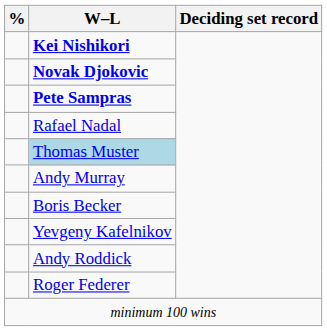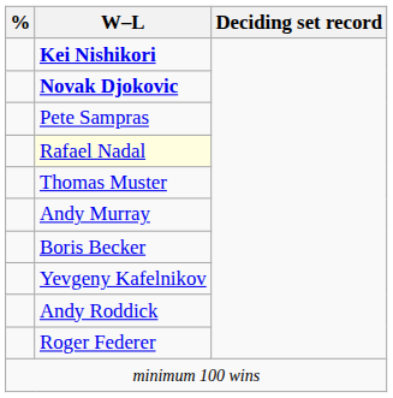 <table class="wikitable nowrap" style="display: inline-table;">
 <tr>
 <th>%</th>
 <th>W–L</th>
 <th>Deciding set record</th>
 </tr>
 <tr>
 <td></td>
 <td> <strong><a href='#'>Kei Nishikori</a></strong></td>
 </tr>
 <tr>
 <td></td>
 <td> <strong><a href='#'>Novak Djokovic</a></strong></td>
 </tr>
 <tr>
 <td></td>
-<td><strong> <a href='#'>Pete Sampras</a></strong></td>
+<td> <a href='#'>Pete Sampras</a></td>
 </tr>
 <tr>
 <td></td>
-<td> <a href='#'>Rafael Nadal</a></td>
+<td style="background: lightyellow;"> <a href='#'>Rafael Nadal</a></td>
 </tr>
 <tr>
 <td></td>
-<td style="background: lightblue;"> <a href='#'>Thomas Muster</a></td>
+<td> <a href='#'>Thomas Muster</a></td>
 </tr>
 <tr>
 <td></td>
 <td> <a href='#'>Andy Murray</a></td>
 </tr>
 <tr>
 <td></td>
 <td> <a href='#'>Boris Becker</a></td>
 </tr>
 <tr>
 <td></td>
 <td> <a href='#'>Yevgeny Kafelnikov</a></td>
 </tr>
 <tr>
 <td></td>
 <td> <a href='#'>Andy Roddick</a></td>
 </tr>
 <tr>
 <td></td>
 <td> <a href='#'>Roger Federer</a></td>
 </tr>
 <tr>
 <td align=center colspan=4><small><em>minimum 100 wins</em></small><br></td>
 </tr>
 </table>
